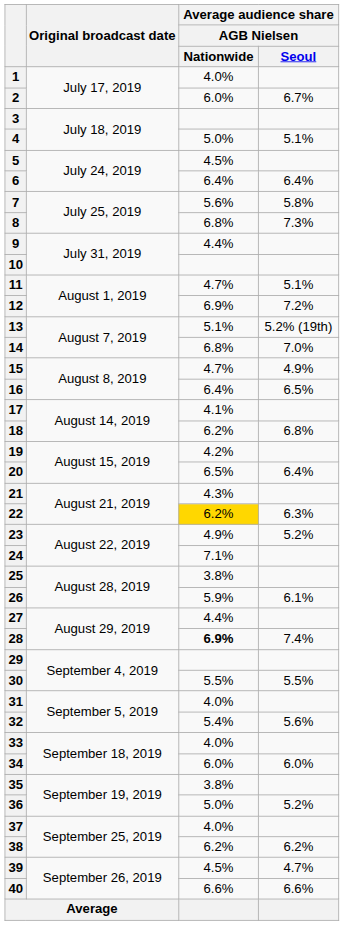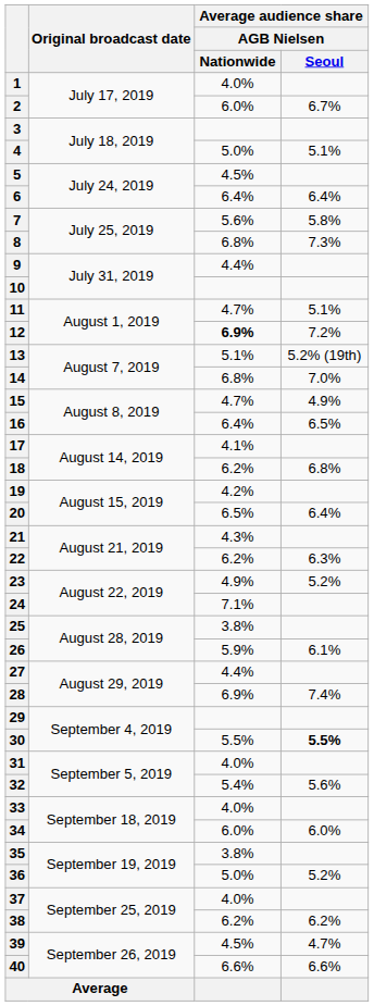 <table class="wikitable" style="text-align:center; margin-left:auto; margin-right:auto">
 <tr>
 <th rowspan="3"></th>
 <th rowspan="3">Original broadcast date</th>
 <th colspan="3">Average audience share</th>
 </tr>
 <tr>
 <th colspan="2">AGB Nielsen</th>
 </tr>
 <tr>
 <th width="90">Nationwide</th>
 <th width="90"><a href='#'>Seoul</a></th>
 </tr>
 <tr>
 <th>1</th>
 <td rowspan="2">July 17, 2019</td>
 <td>4.0% </td>
 <td></td>
 </tr>
 <tr>
 <th>2</th>
 <td>6.0% </td>
 <td>6.7% </td>
 </tr>
 <tr>
 <th>3</th>
 <td rowspan="2">July 18, 2019</td>
 <td> </td>
 <td></td>
 </tr>
 <tr>
 <th>4</th>
 <td>5.0% </td>
 <td>5.1% </td>
 </tr>
 <tr>
 <th>5</th>
 <td rowspan="2">July 24, 2019</td>
 <td>4.5% </td>
 <td></td>
 </tr>
 <tr>
 <th>6</th>
 <td>6.4% </td>
 <td>6.4% </td>
 </tr>
 <tr>
 <th>7</th>
 <td rowspan="2">July 25, 2019</td>
 <td>5.6% </td>
 <td>5.8% </td>
 </tr>
 <tr>
 <th>8</th>
 <td>6.8% </td>
 <td>7.3% </td>
 </tr>
 <tr>
 <th>9</th>
 <td rowspan="2">July 31, 2019</td>
 <td>4.4% </td>
 <td></td>
 </tr>
 <tr>
 <th>10</th>
 <td> </td>
 <td> </td>
 </tr>
 <tr>
 <th>11</th>
 <td rowspan="2">August 1, 2019</td>
 <td>4.7% </td>
 <td>5.1% </td>
 </tr>
 <tr>
 <th>12</th>
-<td>6.9% </td>
+<td><strong>6.9% </strong></td>
 <td>7.2% </td>
 </tr>
 <tr>
 <th>13</th>
 <td rowspan="2">August 7, 2019</td>
 <td>5.1% </td>
 <td>5.2% (19th)</td>
 </tr>
 <tr>
 <th>14</th>
 <td>6.8% </td>
 <td>7.0% </td>
 </tr>
 <tr>
 <th>15</th>
 <td rowspan="2">August 8, 2019</td>
 <td>4.7% </td>
 <td>4.9% </td>
 </tr>
 <tr>
 <th>16</th>
 <td>6.4% </td>
 <td>6.5% </td>
 </tr>
 <tr>
 <th>17</th>
 <td rowspan="2">August 14, 2019</td>
 <td>4.1% </td>
 <td></td>
 </tr>
 <tr>
 <th>18</th>
 <td>6.2% </td>
 <td>6.8% </td>
 </tr>
 <tr>
 <th>19</th>
 <td rowspan="2">August 15, 2019</td>
 <td>4.2% </td>
 <td></td>
 </tr>
 <tr>
 <th>20</th>
 <td>6.5% </td>
 <td>6.4% </td>
 </tr>
 <tr>
 <th>21</th>
 <td rowspan="2">August 21, 2019</td>
 <td>4.3% </td>
 <td></td>
 </tr>
 <tr>
 <th>22</th>
-<td style="background: gold;">6.2% </td>
+<td>6.2% </td>
 <td>6.3% </td>
 </tr>
 <tr>
 <th>23</th>
 <td rowspan="2">August 22, 2019</td>
 <td>4.9% </td>
 <td>5.2% </td>
 </tr>
 <tr>
 <th>24</th>
 <td>7.1% </td>
 <td> </td>
 </tr>
 <tr>
 <th>25</th>
 <td rowspan="2">August 28, 2019</td>
 <td>3.8% </td>
 <td></td>
 </tr>
 <tr>
 <th>26</th>
 <td>5.9% </td>
 <td>6.1% </td>
 </tr>
 <tr>
 <th>27</th>
 <td rowspan="2">August 29, 2019</td>
 <td>4.4% </td>
 <td> </td>
 </tr>
 <tr>
 <th>28</th>
-<td><strong>6.9% </strong></td>
+<td>6.9% </td>
 <td>7.4% </td>
 </tr>
 <tr>
 <th>29</th>
 <td rowspan="2">September 4, 2019</td>
 <td> </td>
 <td></td>
 </tr>
 <tr>
 <th>30</th>
 <td>5.5% </td>
-<td>5.5% </td>
+<td><strong>5.5% </strong></td>
 </tr>
 <tr>
 <th>31</th>
 <td rowspan="2">September 5, 2019</td>
 <td>4.0% </td>
 <td></td>
 </tr>
 <tr>
 <th>32</th>
 <td>5.4% </td>
 <td>5.6% </td>
 </tr>
 <tr>
 <th>33</th>
 <td rowspan="2">September 18, 2019</td>
 <td>4.0% </td>
 <td></td>
 </tr>
 <tr>
 <th>34</th>
 <td>6.0% </td>
 <td>6.0% </td>
 </tr>
 <tr>
 <th>35</th>
 <td rowspan="2">September 19, 2019</td>
 <td>3.8% </td>
 <td></td>
 </tr>
 <tr>
 <th>36</th>
 <td>5.0% </td>
 <td>5.2% </td>
 </tr>
 <tr>
 <th>37</th>
 <td rowspan="2">September 25, 2019</td>
 <td>4.0% </td>
 <td></td>
 </tr>
 <tr>
 <th>38</th>
 <td>6.2% </td>
 <td>6.2% </td>
 </tr>
 <tr>
 <th>39</th>
 <td rowspan="2">September 26, 2019</td>
 <td>4.5% </td>
 <td>4.7% </td>
 </tr>
 <tr>
 <th>40</th>
 <td>6.6% </td>
 <td>6.6% </td>
 </tr>
 <tr>
 <th colspan="2">Average</th>
 <th></th>
 <th></th>
 </tr>
 </table>
